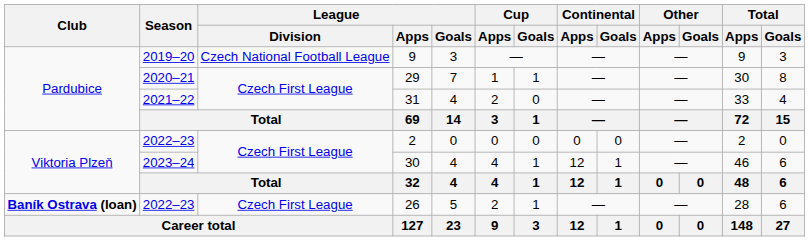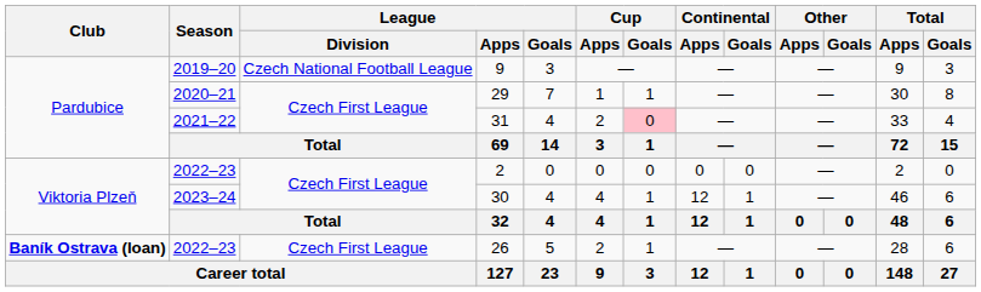 <table class="wikitable" style="text-align:center">
 <tr>
 <th rowspan="2">Club</th>
 <th rowspan="2">Season</th>
 <th colspan="3">League</th>
 <th colspan="2">Cup</th>
 <th colspan="2">Continental</th>
 <th colspan="2">Other</th>
 <th colspan="2">Total</th>
 </tr>
 <tr>
 <th>Division</th>
 <th>Apps</th>
 <th>Goals</th>
 <th>Apps</th>
 <th>Goals</th>
 <th>Apps</th>
 <th>Goals</th>
 <th>Apps</th>
 <th>Goals</th>
 <th>Apps</th>
 <th>Goals</th>
 </tr>
 <tr>
 <td rowspan="4"><a href='#'>Pardubice</a></td>
 <td><a href='#'>2019–20</a></td>
 <td><a href='#'>Czech National Football League</a></td>
 <td>9</td>
 <td>3</td>
 <td colspan="2">—</td>
 <td colspan="2">—</td>
 <td colspan="2">—</td>
 <td>9</td>
 <td>3</td>
 </tr>
 <tr>
 <td><a href='#'>2020–21</a></td>
 <td rowspan="2"><a href='#'>Czech First League</a></td>
 <td>29</td>
 <td>7</td>
 <td>1</td>
 <td>1</td>
 <td colspan="2">—</td>
 <td colspan="2">—</td>
 <td>30</td>
 <td>8</td>
 </tr>
 <tr>
 <td><a href='#'>2021–22</a></td>
 <td>31</td>
 <td>4</td>
 <td>2</td>
-<td>0</td>
+<td style="background: pink;">0</td>
 <td colspan="2">—</td>
 <td colspan="2">—</td>
 <td>33</td>
 <td>4</td>
 </tr>
 <tr>
 <th colspan="2">Total</th>
 <th>69</th>
 <th>14</th>
 <th>3</th>
 <th>1</th>
 <th colspan="2">—</th>
 <th colspan="2">—</th>
 <th>72</th>
 <th>15</th>
 </tr>
 <tr>
 <td rowspan="3"><a href='#'>Viktoria Plzeň</a></td>
 <td><a href='#'>2022–23</a></td>
 <td rowspan="2"><a href='#'>Czech First League</a></td>
 <td>2</td>
 <td>0</td>
 <td>0</td>
 <td>0</td>
 <td>0</td>
 <td>0</td>
 <td colspan="2">—</td>
 <td>2</td>
 <td>0</td>
 </tr>
 <tr>
 <td><a href='#'>2023–24</a></td>
 <td>30</td>
 <td>4</td>
 <td>4</td>
 <td>1</td>
 <td>12</td>
 <td>1</td>
 <td colspan="2">—</td>
 <td>46</td>
 <td>6</td>
 </tr>
 <tr>
 <th colspan="2">Total</th>
 <th>32</th>
 <th>4</th>
 <th>4</th>
 <th>1</th>
 <th>12</th>
 <th>1</th>
 <th>0</th>
 <th>0</th>
 <th>48</th>
 <th>6</th>
 </tr>
 <tr>
 <td><strong><a href='#'>Baník Ostrava</a> (loan)</strong></td>
 <td><a href='#'>2022–23</a></td>
 <td><a href='#'>Czech First League</a></td>
 <td>26</td>
 <td>5</td>
 <td>2</td>
 <td>1</td>
 <td colspan="2">—</td>
 <td colspan="2">—</td>
 <td>28</td>
 <td>6</td>
 </tr>
 <tr>
 <th colspan="3">Career total</th>
 <th>127</th>
 <th>23</th>
 <th>9</th>
 <th>3</th>
 <th>12</th>
 <th>1</th>
 <th>0</th>
 <th>0</th>
 <th>148</th>
 <th>27</th>
 </tr>
 </table>
